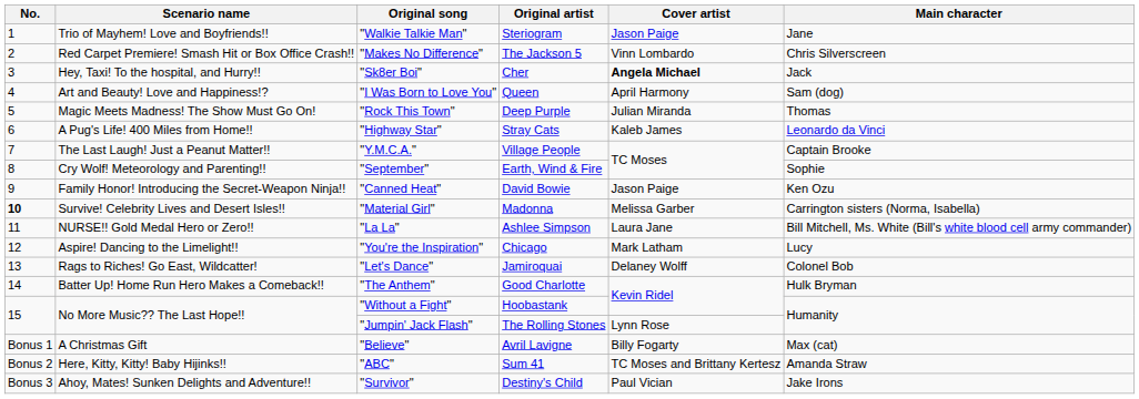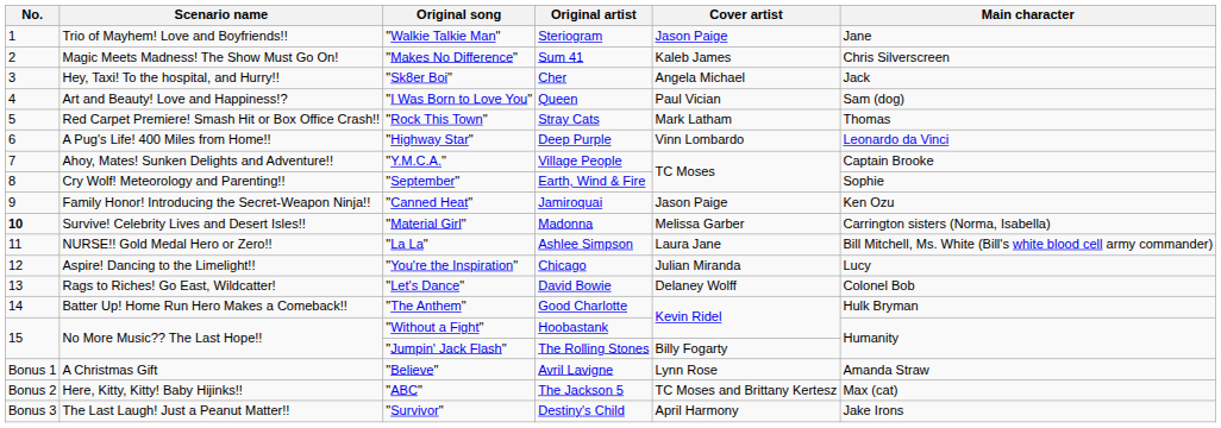 <table class="wikitable sortable">
 <tr>
 <th>No.</th>
 <th>Scenario name</th>
 <th>Original song</th>
 <th>Original artist</th>
 <th>Cover artist</th>
 <th>Main character</th>
 </tr>
 <tr>
 <td>1</td>
 <td>Trio of Mayhem! Love and Boyfriends!!</td>
 <td>"<a href='#'>Walkie Talkie Man</a>"</td>
 <td><a href='#'>Steriogram</a></td>
 <td><a href='#'>Jason Paige</a></td>
 <td>Jane</td>
 </tr>
 <tr>
 <td>2</td>
-<td>Red Carpet Premiere! Smash Hit or Box Office Crash!!</td>
+<td>Magic Meets Madness! The Show Must Go On!</td>
 <td>"<a href='#'>Makes No Difference</a>"</td>
-<td><a href='#'>The Jackson 5</a></td>
-<td>Vinn Lombardo</td>
+<td><a href='#'>Sum 41</a></td>
+<td>Kaleb James</td>
 <td>Chris Silverscreen</td>
 </tr>
 <tr>
 <td>3</td>
 <td>Hey, Taxi! To the hospital, and Hurry!!</td>
 <td>"<a href='#'>Sk8er Boi</a>"</td>
 <td><a href='#'>Cher</a></td>
-<td><strong>Angela Michael</strong></td>
+<td>Angela Michael</td>
 <td>Jack</td>
 </tr>
 <tr>
 <td>4</td>
 <td>Art and Beauty! Love and Happiness!?</td>
 <td>"<a href='#'>I Was Born to Love You</a>"</td>
 <td><a href='#'>Queen</a></td>
-<td>April Harmony</td>
+<td>Paul Vician</td>
 <td>Sam (dog)</td>
 </tr>
 <tr>
 <td>5</td>
-<td>Magic Meets Madness! The Show Must Go On!</td>
+<td>Red Carpet Premiere! Smash Hit or Box Office Crash!!</td>
 <td>"<a href='#'>Rock This Town</a>"</td>
-<td><a href='#'>Deep Purple</a></td>
-<td>Julian Miranda</td>
+<td><a href='#'>Stray Cats</a></td>
+<td>Mark Latham</td>
 <td>Thomas</td>
 </tr>
 <tr>
 <td>6</td>
 <td>A Pug's Life! 400 Miles from Home!!</td>
 <td>"<a href='#'>Highway Star</a>"</td>
-<td><a href='#'>Stray Cats</a></td>
-<td>Kaleb James</td>
+<td><a href='#'>Deep Purple</a></td>
+<td>Vinn Lombardo</td>
 <td><a href='#'>Leonardo da Vinci</a></td>
 </tr>
 <tr>
 <td>7</td>
-<td>The Last Laugh! Just a Peanut Matter!!</td>
+<td>Ahoy, Mates! Sunken Delights and Adventure!!</td>
 <td>"<a href='#'>Y.M.C.A.</a>"</td>
 <td><a href='#'>Village People</a></td>
 <td rowspan="2">TC Moses</td>
 <td>Captain Brooke</td>
 </tr>
 <tr>
 <td>8</td>
 <td>Cry Wolf! Meteorology and Parenting!!</td>
 <td>"<a href='#'>September</a>"</td>
 <td><a href='#'>Earth, Wind & Fire</a></td>
 <td>Sophie</td>
 </tr>
 <tr>
 <td>9</td>
 <td>Family Honor! Introducing the Secret-Weapon Ninja!!</td>
 <td>"<a href='#'>Canned Heat</a>"</td>
-<td><a href='#'>David Bowie</a></td>
+<td><a href='#'>Jamiroquai</a></td>
 <td>Jason Paige</td>
 <td>Ken Ozu</td>
 </tr>
 <tr>
 <td><strong>10</strong></td>
 <td>Survive! Celebrity Lives and Desert Isles!!</td>
 <td>"<a href='#'>Material Girl</a>"</td>
 <td><a href='#'>Madonna</a></td>
 <td>Melissa Garber</td>
 <td>Carrington sisters (Norma, Isabella)</td>
 </tr>
 <tr>
 <td>11</td>
 <td>NURSE!! Gold Medal Hero or Zero!!</td>
 <td>"<a href='#'>La La</a>"</td>
 <td><a href='#'>Ashlee Simpson</a></td>
 <td>Laura Jane</td>
 <td>Bill Mitchell, Ms. White (Bill's <a href='#'>white blood cell</a> army commander)</td>
 </tr>
 <tr>
 <td>12</td>
 <td>Aspire! Dancing to the Limelight!!</td>
 <td>"<a href='#'>You're the Inspiration</a>"</td>
 <td><a href='#'>Chicago</a></td>
-<td>Mark Latham</td>
+<td>Julian Miranda</td>
 <td>Lucy</td>
 </tr>
 <tr>
 <td>13</td>
 <td>Rags to Riches! Go East, Wildcatter!</td>
 <td>"<a href='#'>Let's Dance</a>"</td>
-<td><a href='#'>Jamiroquai</a></td>
+<td><a href='#'>David Bowie</a></td>
 <td>Delaney Wolff</td>
 <td>Colonel Bob</td>
 </tr>
 <tr>
 <td>14</td>
 <td>Batter Up! Home Run Hero Makes a Comeback!!</td>
 <td>"<a href='#'>The Anthem</a>"</td>
 <td><a href='#'>Good Charlotte</a></td>
 <td rowspan="2"><a href='#'>Kevin Ridel</a></td>
 <td>Hulk Bryman</td>
 </tr>
 <tr>
 <td rowspan="2">15</td>
 <td rowspan="2">No More Music?? The Last Hope!!</td>
 <td>"<a href='#'>Without a Fight</a>"</td>
 <td><a href='#'>Hoobastank</a></td>
 <td rowspan="2">Humanity</td>
 </tr>
 <tr>
 <td>"<a href='#'>Jumpin' Jack Flash</a>"</td>
 <td><a href='#'>The Rolling Stones</a></td>
-<td>Lynn Rose</td>
+<td>Billy Fogarty</td>
 </tr>
 <tr>
 <td>Bonus 1</td>
 <td>A Christmas Gift</td>
 <td>"<a href='#'>Believe</a>"</td>
 <td><a href='#'>Avril Lavigne</a></td>
-<td>Billy Fogarty</td>
-<td>Max (cat)</td>
+<td>Lynn Rose</td>
+<td>Amanda Straw</td>
 </tr>
 <tr>
 <td>Bonus 2</td>
 <td>Here, Kitty, Kitty! Baby Hijinks!!</td>
 <td>"<a href='#'>ABC</a>"</td>
-<td><a href='#'>Sum 41</a></td>
+<td><a href='#'>The Jackson 5</a></td>
 <td>TC Moses and Brittany Kertesz</td>
-<td>Amanda Straw</td>
+<td>Max (cat)</td>
 </tr>
 <tr>
 <td>Bonus 3</td>
-<td>Ahoy, Mates! Sunken Delights and Adventure!!</td>
+<td>The Last Laugh! Just a Peanut Matter!!</td>
 <td>"<a href='#'>Survivor</a>"</td>
 <td><a href='#'>Destiny's Child</a></td>
-<td>Paul Vician</td>
+<td>April Harmony</td>
 <td>Jake Irons</td>
 </tr>
 </table>
